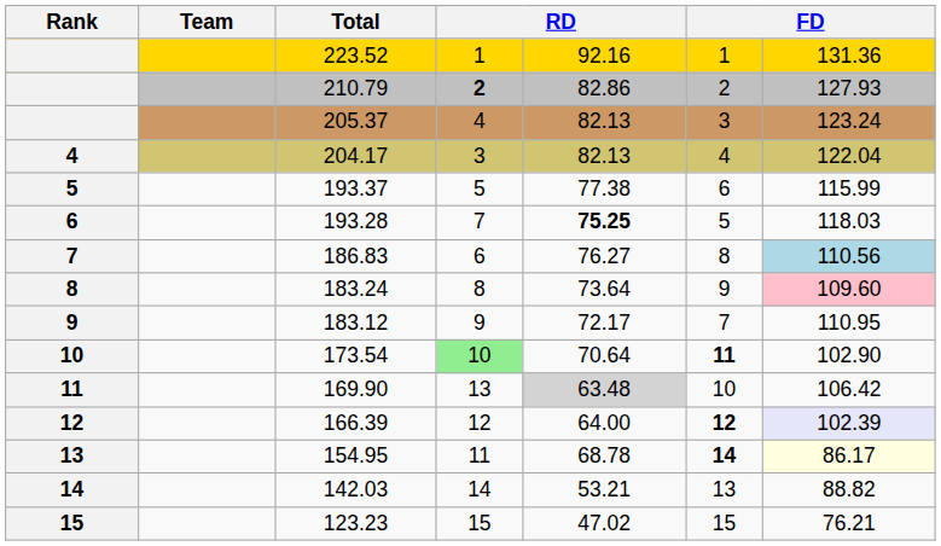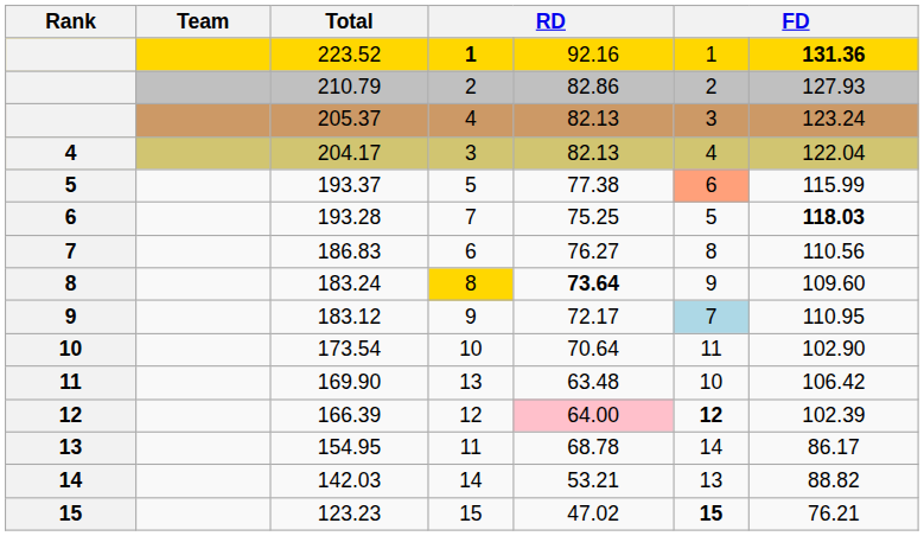 <table class="wikitable sortable" style="text-align:center; width:80%">
 <tr>
 <th scope="col">Rank</th>
 <th scope="col">Team</th>
 <th scope="col">Total</th>
 <th scope="col" colspan="2" width="80px"><a href='#'>RD</a></th>
 <th scope="col" colspan="2" width="80px"><a href='#'>FD</a></th>
 </tr>
 <tr bgcolor="gold">
 <th scope="row"></th>
 <td align="left"></td>
 <td>223.52</td>
-<td>1</td>
+<td><strong>1</strong></td>
 <td>92.16</td>
 <td>1</td>
-<td>131.36</td>
+<td><strong>131.36</strong></td>
 </tr>
 <tr bgcolor="silver">
 <th scope="row"></th>
 <td align="left"></td>
 <td>210.79</td>
-<td><strong>2</strong></td>
+<td>2</td>
 <td>82.86</td>
 <td>2</td>
 <td>127.93</td>
 </tr>
 <tr bgcolor="cc9966">
 <th scope="row"></th>
 <td align="left"></td>
 <td>205.37</td>
 <td>4</td>
 <td>82.13</td>
 <td>3</td>
 <td>123.24</td>
 </tr>
 <tr bgcolor="#d1c571">
 <th scope="row">4</th>
 <td align="left"></td>
 <td>204.17</td>
 <td>3</td>
 <td>82.13</td>
 <td>4</td>
 <td>122.04</td>
 </tr>
 <tr>
 <th scope="row">5</th>
 <td align="left"></td>
 <td>193.37</td>
 <td>5</td>
 <td>77.38</td>
-<td>6</td>
+<td style="background: lightsalmon;">6</td>
 <td>115.99</td>
 </tr>
 <tr>
 <th scope="row">6</th>
 <td align="left"></td>
 <td>193.28</td>
 <td>7</td>
-<td><strong>75.25</strong></td>
+<td>75.25</td>
 <td>5</td>
-<td>118.03</td>
+<td><strong>118.03</strong></td>
 </tr>
 <tr>
 <th scope="row">7</th>
 <td align="left"></td>
 <td>186.83</td>
 <td>6</td>
 <td>76.27</td>
 <td>8</td>
-<td style="background: lightblue;">110.56</td>
+<td>110.56</td>
 </tr>
 <tr>
 <th scope="row">8</th>
 <td align="left"></td>
 <td>183.24</td>
-<td>8</td>
-<td>73.64</td>
+<td style="background: gold;">8</td>
+<td><strong>73.64</strong></td>
 <td>9</td>
-<td style="background: pink;">109.60</td>
+<td>109.60</td>
 </tr>
 <tr>
 <th scope="row">9</th>
 <td align="left"></td>
 <td>183.12</td>
 <td>9</td>
 <td>72.17</td>
-<td>7</td>
+<td style="background: lightblue;">7</td>
 <td>110.95</td>
 </tr>
 <tr>
 <th scope="row">10</th>
 <td align="left"></td>
 <td>173.54</td>
-<td style="background: lightgreen;">10</td>
+<td>10</td>
 <td>70.64</td>
-<td><strong>11</strong></td>
+<td>11</td>
 <td>102.90</td>
 </tr>
 <tr>
 <th scope="row">11</th>
 <td align="left"></td>
 <td>169.90</td>
 <td>13</td>
-<td style="background: lightgrey;">63.48</td>
+<td>63.48</td>
 <td>10</td>
 <td>106.42</td>
 </tr>
 <tr>
 <th scope="row">12</th>
 <td align="left"></td>
 <td>166.39</td>
 <td>12</td>
-<td>64.00</td>
+<td style="background: pink;">64.00</td>
 <td><strong>12</strong></td>
-<td style="background: lavender;">102.39</td>
+<td>102.39</td>
 </tr>
 <tr>
 <th scope="row">13</th>
 <td align="left"></td>
 <td>154.95</td>
 <td>11</td>
 <td>68.78</td>
-<td><strong>14</strong></td>
-<td style="background: lightyellow;">86.17</td>
+<td>14</td>
+<td>86.17</td>
 </tr>
 <tr>
 <th scope="row">14</th>
 <td align="left"></td>
 <td>142.03</td>
 <td>14</td>
 <td>53.21</td>
 <td>13</td>
 <td>88.82</td>
 </tr>
 <tr>
 <th scope="row">15</th>
 <td align="left"></td>
 <td>123.23</td>
 <td>15</td>
 <td>47.02</td>
-<td>15</td>
+<td><strong>15</strong></td>
 <td>76.21</td>
 </tr>
 </table>
